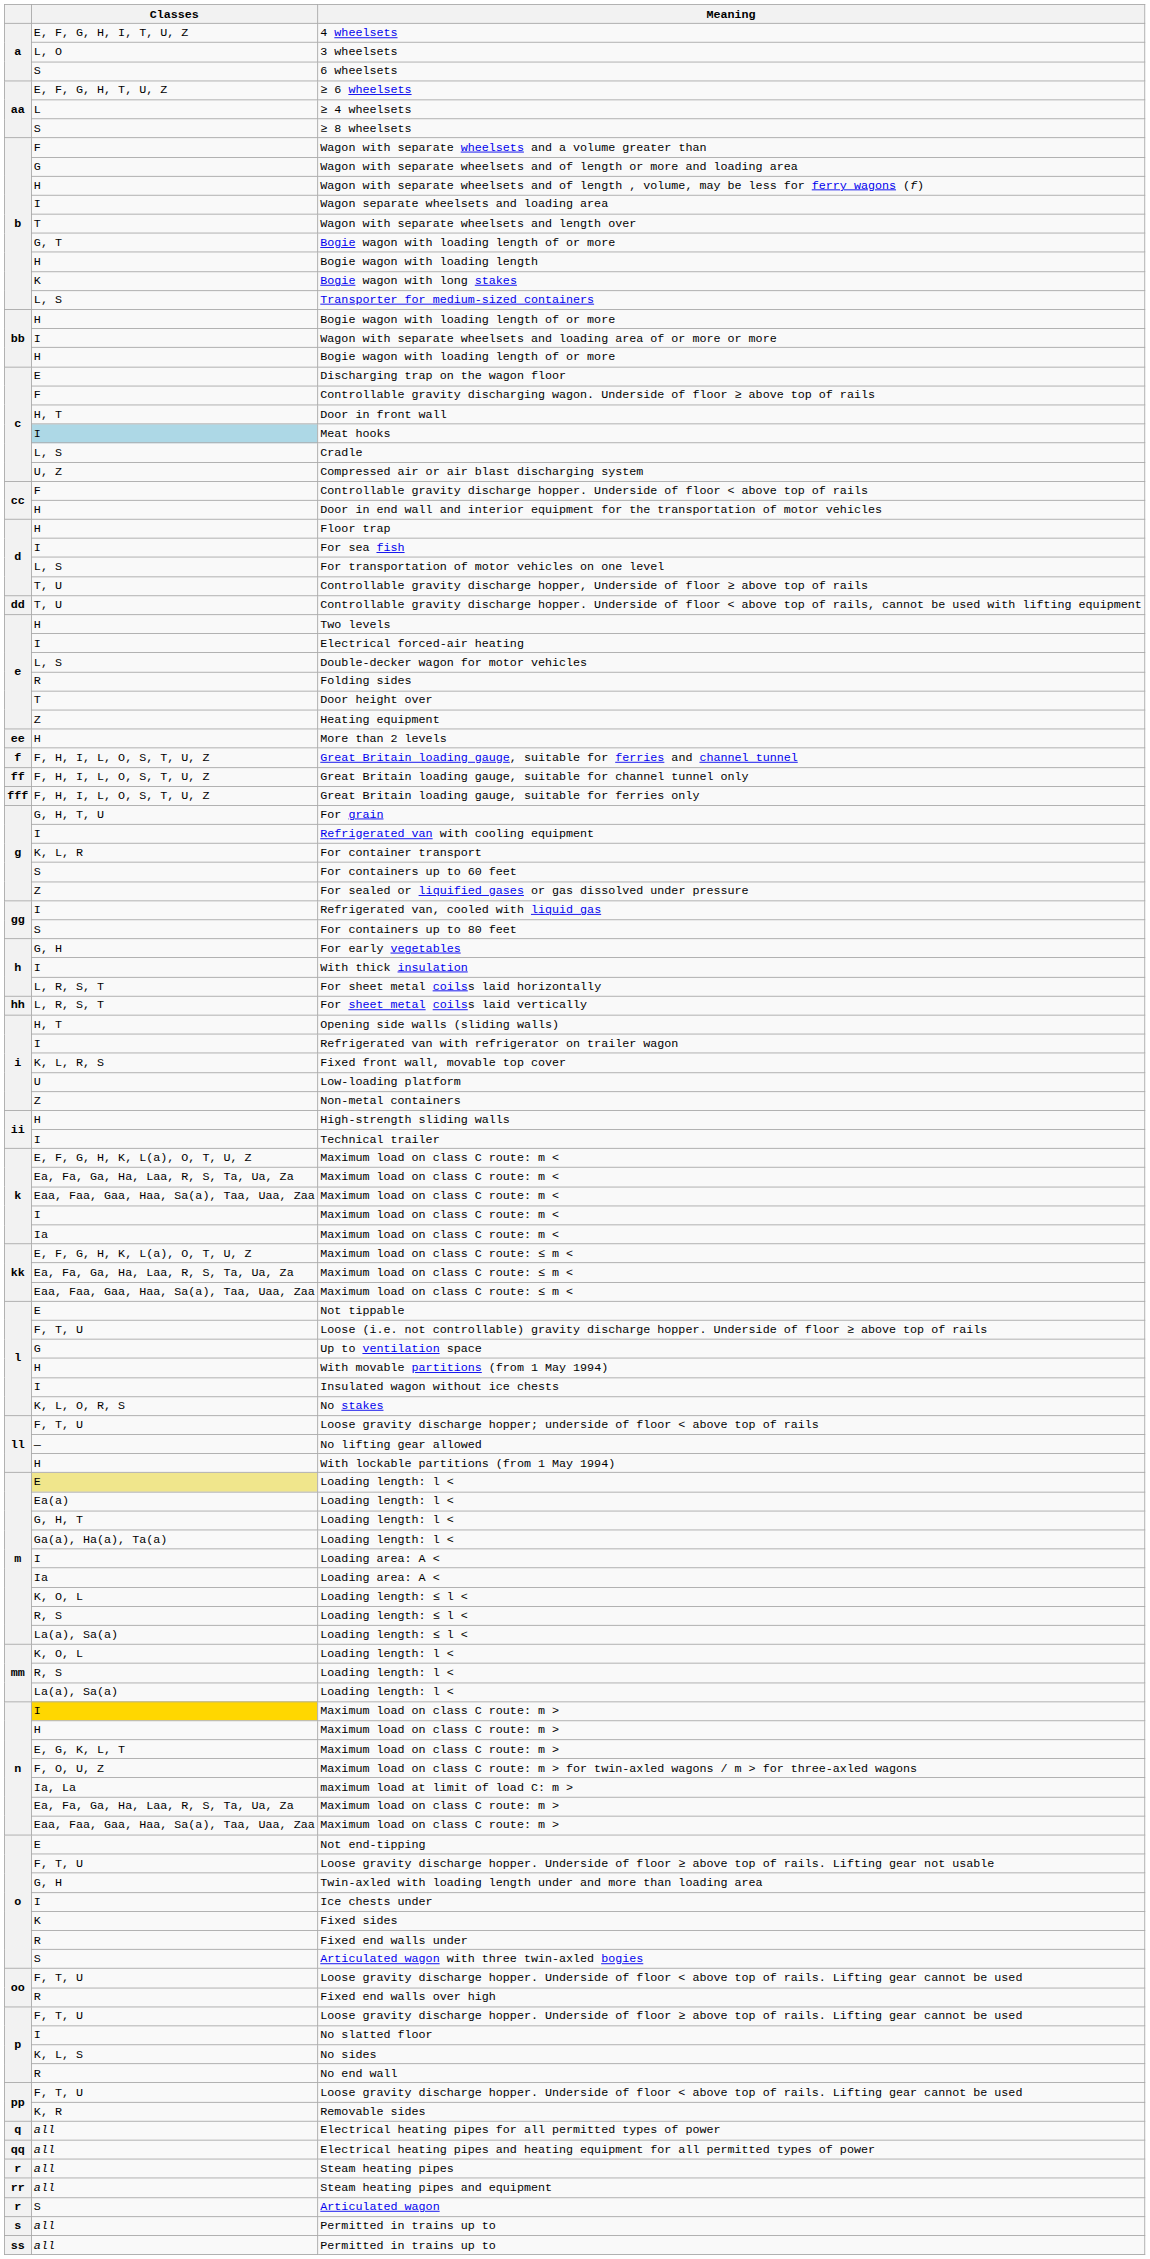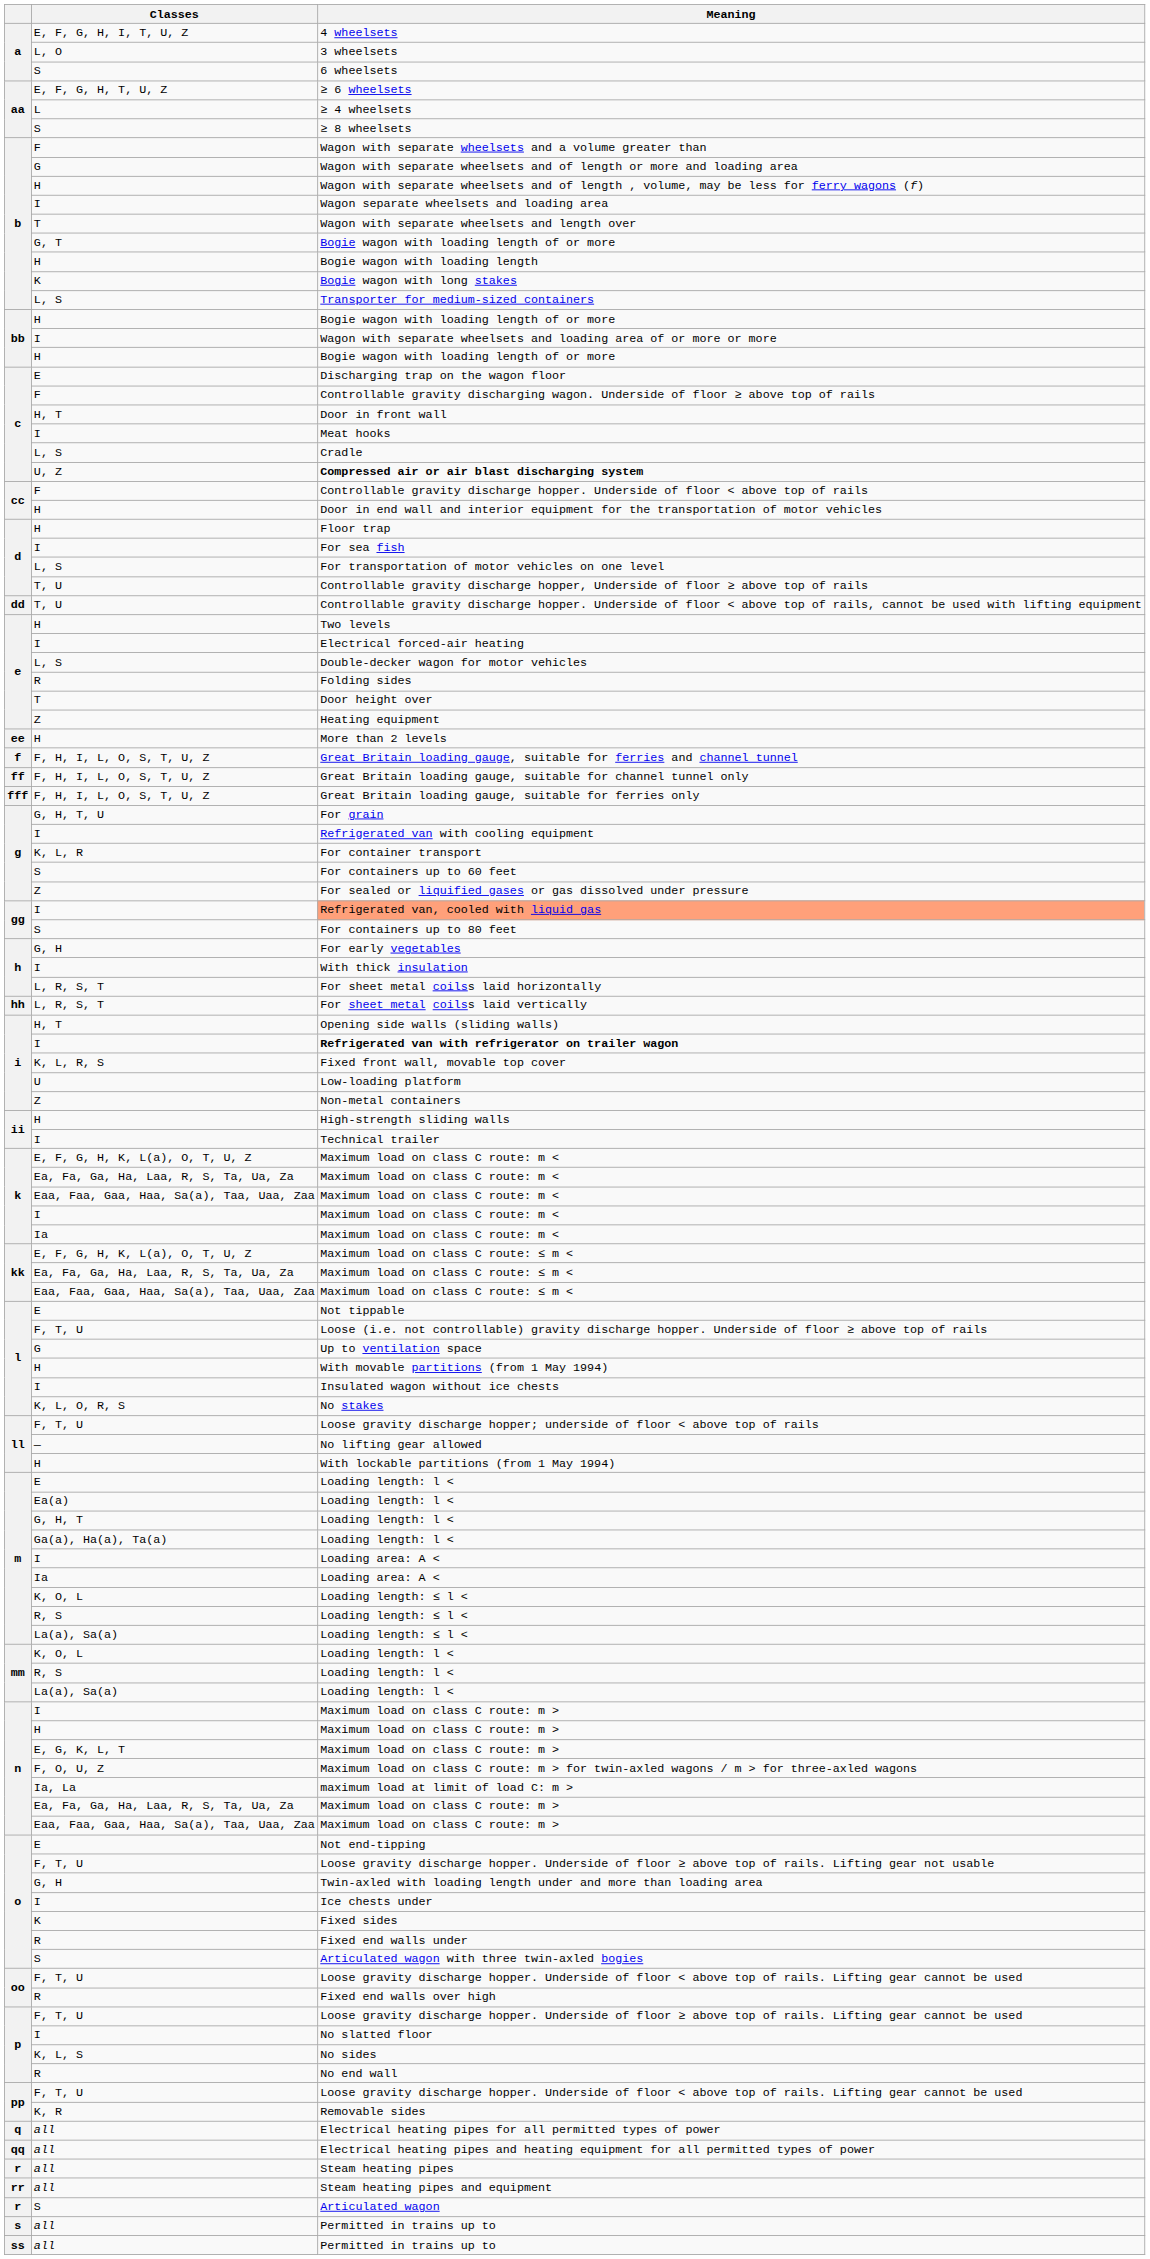 <table class="wikitable sortable">
 <tr>
 <th></th>
 <th>Classes</th>
 <th>Meaning</th>
 </tr>
 <tr>
 <th rowspan=3>a</th>
 <td>E, F, G, H, I, T, U, Z</td>
 <td>4 <a href='#'>wheelsets</a></td>
 </tr>
 <tr>
 <td>L, O</td>
 <td>3 wheelsets</td>
 </tr>
 <tr>
 <td>S</td>
 <td>6 wheelsets</td>
 </tr>
 <tr>
 <th rowspan=3>aa</th>
 <td>E, F, G, H, T, U, Z</td>
 <td>≥ 6 <a href='#'>wheelsets</a></td>
 </tr>
 <tr>
 <td>L</td>
 <td>≥ 4 wheelsets</td>
 </tr>
 <tr>
 <td>S</td>
 <td>≥ 8 wheelsets</td>
 </tr>
 <tr>
 <th rowspan=9>b</th>
 <td>F</td>
 <td>Wagon with separate <a href='#'>wheelsets</a> and a volume greater than </td>
 </tr>
 <tr>
 <td>G</td>
 <td>Wagon with separate wheelsets and of  length or more and  loading area</td>
 </tr>
 <tr>
 <td>H</td>
 <td>Wagon with separate wheelsets and of length ,  volume, may be less for <a href='#'>ferry wagons</a> (<em>f</em>)</td>
 </tr>
 <tr>
 <td>I</td>
 <td>Wagon separate wheelsets and loading area </td>
 </tr>
 <tr>
 <td>T</td>
 <td>Wagon with separate wheelsets and length over </td>
 </tr>
 <tr>
 <td>G, T</td>
 <td><a href='#'>Bogie</a> wagon with loading length of  or more</td>
 </tr>
 <tr>
 <td>H</td>
 <td>Bogie wagon with loading length </td>
 </tr>
 <tr>
 <td>K</td>
 <td><a href='#'>Bogie</a> wagon with long <a href='#'>stakes</a></td>
 </tr>
 <tr>
 <td>L, S</td>
 <td><a href='#'>Transporter for medium-sized containers</a></td>
 </tr>
 <tr>
 <th rowspan=3>bb</th>
 <td>H</td>
 <td>Bogie wagon with loading length of  or more</td>
 </tr>
 <tr>
 <td>I</td>
 <td>Wagon with separate wheelsets and loading area of  or more  or more</td>
 </tr>
 <tr>
 <td>H</td>
 <td>Bogie wagon with loading length of  or more</td>
 </tr>
 <tr>
 <th rowspan=6>c</th>
 <td>E</td>
 <td>Discharging trap on the wagon floor</td>
 </tr>
 <tr>
 <td>F</td>
 <td>Controllable gravity discharging wagon. Underside of floor ≥ above top of rails</td>
 </tr>
 <tr>
 <td>H, T</td>
 <td>Door in front wall</td>
 </tr>
 <tr>
-<td style="background: lightblue;">I</td>
+<td>I</td>
 <td>Meat hooks</td>
 </tr>
 <tr>
 <td>L, S</td>
 <td>Cradle</td>
 </tr>
 <tr>
 <td>U, Z</td>
-<td>Compressed air or air blast discharging system</td>
+<td><strong>Compressed air or air blast discharging system</strong></td>
 </tr>
 <tr>
 <th rowspan=2>cc</th>
 <td>F</td>
 <td>Controllable gravity discharge hopper. Underside of floor < above top of rails</td>
 </tr>
 <tr>
 <td>H</td>
 <td>Door in end wall and interior equipment for the transportation of motor vehicles</td>
 </tr>
 <tr>
 <th rowspan=4>d</th>
 <td>H</td>
 <td>Floor trap</td>
 </tr>
 <tr>
 <td>I</td>
 <td>For sea <a href='#'>fish</a></td>
 </tr>
 <tr>
 <td>L, S</td>
 <td>For transportation of motor vehicles on one level</td>
 </tr>
 <tr>
 <td>T, U</td>
 <td>Controllable gravity discharge hopper, Underside of floor ≥ above top of rails</td>
 </tr>
 <tr>
 <th>dd</th>
 <td>T, U</td>
 <td>Controllable gravity discharge hopper. Underside of floor < above top of rails, cannot be used with lifting equipment </td>
 </tr>
 <tr>
 <th rowspan=6>e</th>
 <td>H</td>
 <td>Two levels</td>
 </tr>
 <tr>
 <td>I</td>
 <td>Electrical forced-air heating</td>
 </tr>
 <tr>
 <td>L, S</td>
 <td>Double-decker wagon for motor vehicles</td>
 </tr>
 <tr>
 <td>R</td>
 <td>Folding sides</td>
 </tr>
 <tr>
 <td>T</td>
 <td>Door height over </td>
 </tr>
 <tr>
 <td>Z</td>
 <td>Heating equipment</td>
 </tr>
 <tr>
 <th>ee</th>
 <td>H</td>
 <td>More than 2 levels</td>
 </tr>
 <tr>
 <th>f</th>
 <td>F, H, I, L, O, S, T, U, Z</td>
 <td><a href='#'>Great Britain loading gauge</a>, suitable for <a href='#'>ferries</a> and <a href='#'>channel tunnel</a></td>
 </tr>
 <tr>
 <th>ff</th>
 <td>F, H, I, L, O, S, T, U, Z</td>
 <td>Great Britain loading gauge, suitable for channel tunnel only</td>
 </tr>
 <tr>
 <th>fff</th>
 <td>F, H, I, L, O, S, T, U, Z</td>
 <td>Great Britain loading gauge, suitable for ferries only</td>
 </tr>
 <tr>
 <th rowspan=5>g</th>
 <td>G, H, T, U</td>
 <td>For <a href='#'>grain</a></td>
 </tr>
 <tr>
 <td>I</td>
 <td><a href='#'>Refrigerated van</a> with cooling equipment</td>
 </tr>
 <tr>
 <td>K, L, R</td>
 <td>For container transport</td>
 </tr>
 <tr>
 <td>S</td>
 <td>For containers up to 60 feet</td>
 </tr>
 <tr>
 <td>Z</td>
 <td>For sealed or <a href='#'>liquified gases</a> or gas dissolved under pressure</td>
 </tr>
 <tr>
 <th rowspan=2>gg</th>
 <td>I</td>
-<td>Refrigerated van, cooled with <a href='#'>liquid gas</a></td>
+<td style="background: lightsalmon;">Refrigerated van, cooled with <a href='#'>liquid gas</a></td>
 </tr>
 <tr>
 <td>S</td>
 <td>For containers up to 80 feet</td>
 </tr>
 <tr>
 <th rowspan=3>h</th>
 <td>G, H</td>
 <td>For early <a href='#'>vegetables</a></td>
 </tr>
 <tr>
 <td>I</td>
 <td>With thick <a href='#'>insulation</a></td>
 </tr>
 <tr>
 <td>L, R, S, T</td>
 <td>For sheet metal <a href='#'>coils</a>s laid horizontally</td>
 </tr>
 <tr>
 <th>hh</th>
 <td>L, R, S, T</td>
 <td>For <a href='#'>sheet metal</a> <a href='#'>coils</a>s laid vertically</td>
 </tr>
 <tr>
 <th rowspan=5>i</th>
 <td>H, T</td>
 <td>Opening side walls (sliding walls)</td>
 </tr>
 <tr>
 <td>I</td>
-<td>Refrigerated van with refrigerator on trailer wagon</td>
+<td><strong>Refrigerated van with refrigerator on trailer wagon</strong></td>
 </tr>
 <tr>
 <td>K, L, R, S</td>
 <td>Fixed front wall, movable top cover</td>
 </tr>
 <tr>
 <td>U</td>
 <td>Low-loading platform</td>
 </tr>
 <tr>
 <td>Z</td>
 <td>Non-metal containers</td>
 </tr>
 <tr>
 <th rowspan=2>ii</th>
 <td>H</td>
 <td>High-strength sliding walls</td>
 </tr>
 <tr>
 <td>I</td>
 <td>Technical trailer</td>
 </tr>
 <tr>
 <th rowspan=5>k</th>
 <td>E, F, G, H, K, L(a), O, T, U, Z</td>
 <td>Maximum load on class C route: m < </td>
 </tr>
 <tr>
 <td>Ea, Fa, Ga, Ha, Laa, R, S, Ta, Ua, Za</td>
 <td>Maximum load on class C route: m < </td>
 </tr>
 <tr>
 <td>Eaa, Faa, Gaa, Haa, Sa(a), Taa, Uaa, Zaa</td>
 <td>Maximum load on class C route: m < </td>
 </tr>
 <tr>
 <td>I</td>
 <td>Maximum load on class C route: m < </td>
 </tr>
 <tr>
 <td>Ia</td>
 <td>Maximum load on class C route: m < </td>
 </tr>
 <tr>
 <th rowspan=3>kk</th>
 <td>E, F, G, H, K, L(a), O, T, U, Z</td>
 <td>Maximum load on class C route:  ≤ m < </td>
 </tr>
 <tr>
 <td>Ea, Fa, Ga, Ha, Laa, R, S, Ta, Ua, Za</td>
 <td>Maximum load on class C route:  ≤ m < </td>
 </tr>
 <tr>
 <td>Eaa, Faa, Gaa, Haa, Sa(a), Taa, Uaa, Zaa</td>
 <td>Maximum load on class C route:  ≤ m < </td>
 </tr>
 <tr>
 <th rowspan=6>l</th>
 <td>E</td>
 <td>Not tippable</td>
 </tr>
 <tr>
 <td>F, T, U</td>
 <td>Loose (i.e. not controllable) gravity discharge hopper. Underside of floor ≥ above top of rails </td>
 </tr>
 <tr>
 <td>G</td>
 <td>Up to  <a href='#'>ventilation</a> space</td>
 </tr>
 <tr>
 <td>H</td>
 <td>With movable <a href='#'>partitions</a> (from 1 May 1994)</td>
 </tr>
 <tr>
 <td>I</td>
 <td>Insulated wagon without ice chests</td>
 </tr>
 <tr>
 <td>K, L, O, R, S</td>
 <td>No <a href='#'>stakes</a></td>
 </tr>
 <tr>
 <th rowspan=3>ll</th>
 <td>F, T, U</td>
 <td>Loose gravity discharge hopper; underside of floor < above top of rails</td>
 </tr>
 <tr>
 <td>—</td>
 <td>No lifting gear allowed</td>
 </tr>
 <tr>
 <td>H</td>
 <td>With lockable partitions (from 1 May 1994)</td>
 </tr>
 <tr>
 <th rowspan=9>m</th>
-<td style="background: khaki;">E</td>
+<td>E</td>
 <td>Loading length: l < </td>
 </tr>
 <tr>
 <td>Ea(a)</td>
 <td>Loading length: l < </td>
 </tr>
 <tr>
 <td>G, H, T</td>
 <td>Loading length: l < </td>
 </tr>
 <tr>
 <td>Ga(a), Ha(a), Ta(a)</td>
 <td>Loading length: l < </td>
 </tr>
 <tr>
 <td>I</td>
 <td>Loading area: A < </td>
 </tr>
 <tr>
 <td>Ia</td>
 <td>Loading area: A < </td>
 </tr>
 <tr>
 <td>K, O, L</td>
 <td>Loading length:  ≤ l < </td>
 </tr>
 <tr>
 <td>R, S</td>
 <td>Loading length:  ≤ l < </td>
 </tr>
 <tr>
 <td>La(a), Sa(a)</td>
 <td>Loading length:  ≤ l < </td>
 </tr>
 <tr>
 <th rowspan=3>mm</th>
 <td>K, O, L</td>
 <td>Loading length: l < </td>
 </tr>
 <tr>
 <td>R, S</td>
 <td>Loading length: l < </td>
 </tr>
 <tr>
 <td>La(a), Sa(a)</td>
 <td>Loading length: l < </td>
 </tr>
 <tr>
 <th rowspan=7>n</th>
-<td style="background: gold;">I</td>
+<td>I</td>
 <td>Maximum load on class C route: m > </td>
 </tr>
 <tr>
 <td>H</td>
 <td>Maximum load on class C route: m > </td>
 </tr>
 <tr>
 <td>E, G, K, L, T</td>
 <td>Maximum load on class C route: m > </td>
 </tr>
 <tr>
 <td>F, O, U, Z</td>
 <td>Maximum load on class C route: m >  for twin-axled wagons / m >  for three-axled wagons</td>
 </tr>
 <tr>
 <td>Ia, La</td>
 <td>maximum load at limit of load C: m > </td>
 </tr>
 <tr>
 <td>Ea, Fa, Ga, Ha, Laa, R, S, Ta, Ua, Za</td>
 <td>Maximum load on class C route: m > </td>
 </tr>
 <tr>
 <td>Eaa, Faa, Gaa, Haa, Sa(a), Taa, Uaa, Zaa</td>
 <td>Maximum load on class C route: m > </td>
 </tr>
 <tr>
 <th rowspan=7>o</th>
 <td>E</td>
 <td>Not end-tipping</td>
 </tr>
 <tr>
 <td>F, T, U</td>
 <td>Loose gravity discharge hopper. Underside of floor ≥ above top of rails. Lifting gear not usable</td>
 </tr>
 <tr>
 <td>G, H</td>
 <td>Twin-axled with loading length under  and more than  loading area</td>
 </tr>
 <tr>
 <td>I</td>
 <td>Ice chests under </td>
 </tr>
 <tr>
 <td>K</td>
 <td>Fixed sides</td>
 </tr>
 <tr>
 <td>R</td>
 <td>Fixed end walls under </td>
 </tr>
 <tr>
 <td>S</td>
 <td><a href='#'>Articulated wagon</a> with three twin-axled <a href='#'>bogies</a></td>
 </tr>
 <tr>
 <th rowspan=2>oo</th>
 <td>F, T, U</td>
 <td>Loose gravity discharge hopper. Underside of floor < above top of rails. Lifting gear cannot be used</td>
 </tr>
 <tr>
 <td>R</td>
 <td>Fixed end walls over  high</td>
 </tr>
 <tr>
 <th rowspan=4>p</th>
 <td>F, T, U</td>
 <td>Loose gravity discharge hopper. Underside of floor ≥ above top of rails. Lifting gear cannot be used</td>
 </tr>
 <tr>
 <td>I</td>
 <td>No slatted floor</td>
 </tr>
 <tr>
 <td>K, L, S</td>
 <td>No sides</td>
 </tr>
 <tr>
 <td>R</td>
 <td>No end wall</td>
 </tr>
 <tr>
 <th rowspan=2>pp</th>
 <td>F, T, U</td>
 <td>Loose gravity discharge hopper. Underside of floor < above top of rails. Lifting gear cannot be used</td>
 </tr>
 <tr>
 <td>K, R</td>
 <td>Removable sides</td>
 </tr>
 <tr>
 <th>q</th>
 <td><em>all</em></td>
 <td>Electrical heating pipes for all permitted types of power</td>
 </tr>
 <tr>
 <th>qq</th>
 <td><em>all</em></td>
 <td>Electrical heating pipes and heating equipment for all permitted types of power</td>
 </tr>
 <tr>
 <th>r</th>
 <td><em>all</em></td>
 <td>Steam heating pipes</td>
 </tr>
 <tr>
 <th>rr</th>
 <td><em>all</em></td>
 <td>Steam heating pipes and equipment</td>
 </tr>
 <tr>
 <th>r</th>
 <td>S</td>
 <td><a href='#'>Articulated wagon</a></td>
 </tr>
 <tr>
 <th>s</th>
 <td><em>all</em></td>
 <td>Permitted in trains up to </td>
 </tr>
 <tr>
 <th>ss</th>
 <td><em>all</em></td>
 <td>Permitted in trains up to </td>
 </tr>
 </table>
